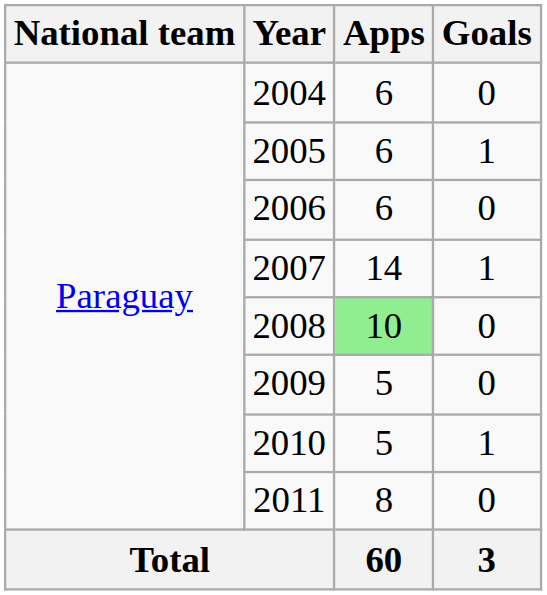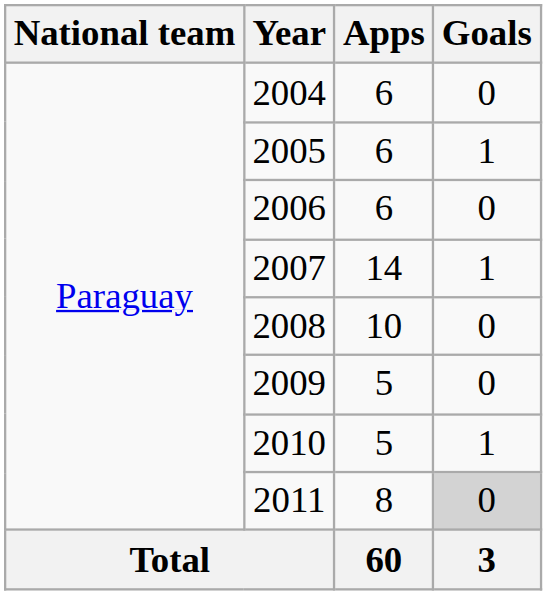 <table class="wikitable" style="text-align:center">
 <tr>
 <th>National team</th>
 <th>Year</th>
 <th>Apps</th>
 <th>Goals</th>
 </tr>
 <tr>
 <td rowspan="8"><a href='#'>Paraguay</a></td>
 <td>2004</td>
 <td>6</td>
 <td>0</td>
 </tr>
 <tr>
 <td>2005</td>
 <td>6</td>
 <td>1</td>
 </tr>
 <tr>
 <td>2006</td>
 <td>6</td>
 <td>0</td>
 </tr>
 <tr>
 <td>2007</td>
 <td>14</td>
 <td>1</td>
 </tr>
 <tr>
 <td>2008</td>
-<td style="background: lightgreen;">10</td>
+<td>10</td>
 <td>0</td>
 </tr>
 <tr>
 <td>2009</td>
 <td>5</td>
 <td>0</td>
 </tr>
 <tr>
 <td>2010</td>
 <td>5</td>
 <td>1</td>
 </tr>
 <tr>
 <td>2011</td>
 <td>8</td>
-<td>0</td>
+<td style="background: lightgrey;">0</td>
 </tr>
 <tr>
 <th colspan="2">Total</th>
 <th>60</th>
 <th>3</th>
 </tr>
 </table>
